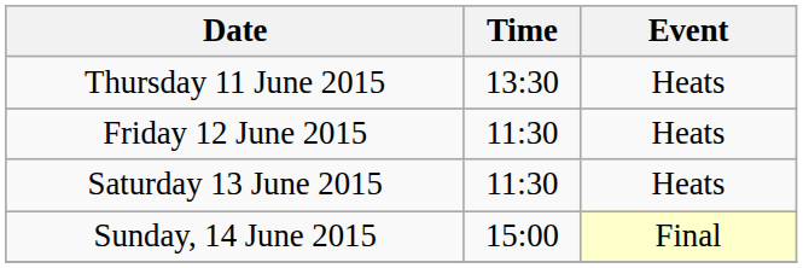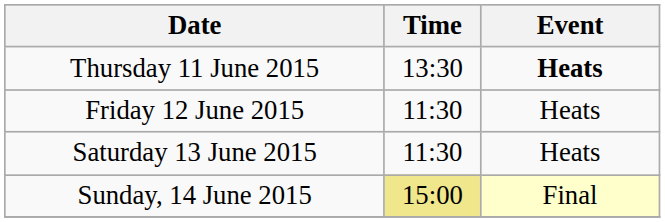 <table class = "wikitable" style="text-align:center;">
 <tr>
 <th width=220>Date</th>
 <th width=50>Time</th>
 <th width=100>Event</th>
 </tr>
 <tr>
 <td>Thursday 11 June 2015</td>
 <td>13:30</td>
-<td>Heats</td>
+<td><strong>Heats</strong></td>
 </tr>
 <tr>
 <td>Friday 12 June 2015</td>
 <td>11:30</td>
 <td>Heats</td>
 </tr>
 <tr>
 <td>Saturday 13 June 2015</td>
 <td>11:30</td>
 <td>Heats</td>
 </tr>
 <tr>
 <td>Sunday, 14 June 2015</td>
-<td>15:00</td>
+<td style="background: khaki;">15:00</td>
 <td bgcolor=ffffcc>Final</td>
 </tr>
 <tr>
 </tr>
 </table>
